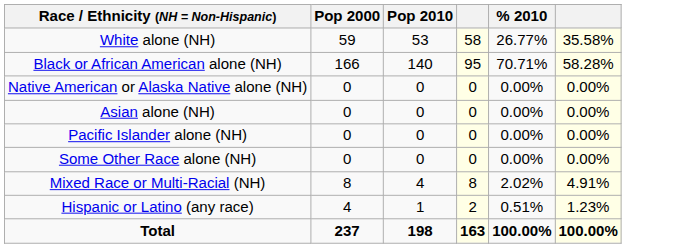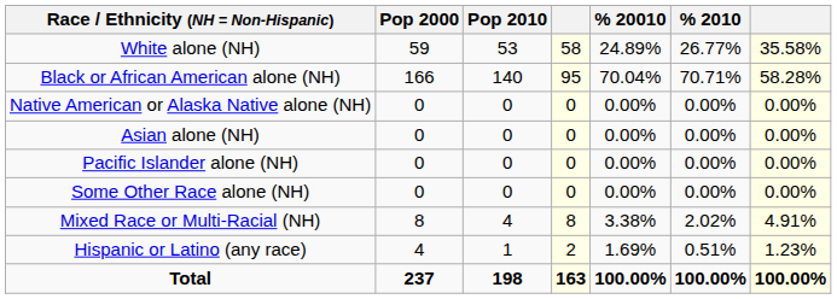 <table class="wikitable" style="text-align:center;">
 <tr>
 <th>Race / Ethnicity <small>(<em>NH = Non-Hispanic</em>)</small></th>
 <th>Pop 2000</th>
 <th>Pop 2010</th>
 <th></th>
+<th>% 20010</th>
 <th>% 2010</th>
 <th></th>
 </tr>
 <tr>
 <td><a href='#'>White</a> alone (NH)</td>
 <td>59</td>
 <td>53</td>
 <td style='background: #ffffe6;'>58</td>
+<td>24.89%</td>
 <td>26.77%</td>
 <td style='background: #ffffe6;'>35.58%</td>
 </tr>
 <tr>
 <td><a href='#'>Black or African American</a> alone (NH)</td>
 <td>166</td>
 <td>140</td>
 <td style='background: #ffffe6;'>95</td>
+<td>70.04%</td>
 <td>70.71%</td>
 <td style='background: #ffffe6;'>58.28%</td>
 </tr>
 <tr>
 <td><a href='#'>Native American</a> or <a href='#'>Alaska Native</a> alone (NH)</td>
 <td>0</td>
 <td>0</td>
 <td style='background: #ffffe6;'>0</td>
 <td>0.00%</td>
+<td>0.00%</td>
 <td style='background: #ffffe6;'>0.00%</td>
 </tr>
 <tr>
 <td><a href='#'>Asian</a> alone (NH)</td>
 <td>0</td>
 <td>0</td>
 <td style='background: #ffffe6;'>0</td>
+<td>0.00%</td>
 <td>0.00%</td>
 <td style='background: #ffffe6;'>0.00%</td>
 </tr>
 <tr>
 <td><a href='#'>Pacific Islander</a> alone (NH)</td>
 <td>0</td>
 <td>0</td>
 <td style='background: #ffffe6;'>0</td>
 <td>0.00%</td>
+<td>0.00%</td>
 <td style='background: #ffffe6;'>0.00%</td>
 </tr>
 <tr>
 <td><a href='#'>Some Other Race</a> alone (NH)</td>
 <td>0</td>
 <td>0</td>
 <td style='background: #ffffe6;'>0</td>
 <td>0.00%</td>
+<td>0.00%</td>
 <td style='background: #ffffe6;'>0.00%</td>
 </tr>
 <tr>
 <td><a href='#'>Mixed Race or Multi-Racial</a> (NH)</td>
 <td>8</td>
 <td>4</td>
 <td style='background: #ffffe6;'>8</td>
+<td>3.38%</td>
 <td>2.02%</td>
 <td style='background: #ffffe6;'>4.91%</td>
 </tr>
 <tr>
 <td><a href='#'>Hispanic or Latino</a> (any race)</td>
 <td>4</td>
 <td>1</td>
 <td style='background: #ffffe6;'>2</td>
+<td>1.69%</td>
 <td>0.51%</td>
 <td style='background: #ffffe6;'>1.23%</td>
 </tr>
 <tr>
 <td><strong>Total</strong></td>
 <td><strong>237</strong></td>
 <td><strong>198</strong></td>
 <td style='background: #ffffe6;'><strong>163</strong></td>
 <td><strong>100.00%</strong></td>
+<td><strong>100.00%</strong></td>
 <td style='background: #ffffe6;'><strong>100.00%</strong></td>
 </tr>
 </table>
